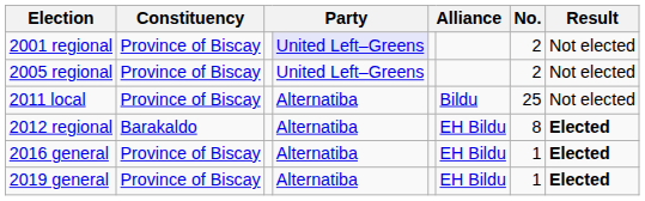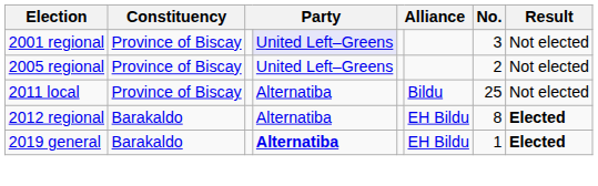 <table class="wikitable" style="text-align:left;">
 <tr>
 <th scope=col>Election</th>
 <th scope=col>Constituency</th>
 <th scope=col colspan="2">Party</th>
 <th scope=col colspan="2">Alliance</th>
 <th scope=col>No.</th>
 <th scope=col>Result</th>
 </tr>
 <tr>
 <td><a href='#'>2001 regional</a></td>
 <td><a href='#'>Province of Biscay</a></td>
 <td style="background:"></td>
 <td style="background: lavender;"><a href='#'>United Left–Greens</a></td>
 <td></td>
 <td></td>
-<td align=right>2</td>
+<td align=right>3</td>
 <td>Not elected</td>
 </tr>
 <tr>
 <td><a href='#'>2005 regional</a></td>
 <td><a href='#'>Province of Biscay</a></td>
 <td style="background:"></td>
 <td><a href='#'>United Left–Greens</a></td>
 <td></td>
 <td></td>
 <td align=right>2</td>
 <td>Not elected</td>
 </tr>
 <tr>
 <td><a href='#'>2011 local</a></td>
 <td><a href='#'>Province of Biscay</a></td>
 <td style="background:"></td>
 <td><a href='#'>Alternatiba</a></td>
 <td style="background:"></td>
 <td><a href='#'>Bildu</a></td>
 <td align=right>25</td>
 <td>Not elected</td>
 </tr>
 <tr>
 <td><a href='#'>2012 regional</a></td>
 <td><a href='#'>Barakaldo</a></td>
 <td style="background:"></td>
 <td><a href='#'>Alternatiba</a></td>
 <td style="background:"></td>
 <td><a href='#'>EH Bildu</a></td>
 <td align=right>8</td>
 <td><strong>Elected</strong></td>
 </tr>
 <tr>
-<td><a href='#'>2016 general</a></td>
-<td><a href='#'>Province of Biscay</a></td>
+<td><a href='#'>2019 general</a></td>
+<td><a href='#'>Barakaldo</a></td>
 <td style="background:"></td>
-<td><a href='#'>Alternatiba</a></td>
-<td style="background:"></td>
-<td><a href='#'>EH Bildu</a></td>
-<td align=right>1</td>
-<td><strong>Elected</strong></td>
-</tr>
-<tr>
-<td><a href='#'>2019 general</a></td>
-<td><a href='#'>Province of Biscay</a></td>
-<td style="background:"></td>
-<td><a href='#'>Alternatiba</a></td>
+<td><strong><a href='#'>Alternatiba</a></strong></td>
 <td style="background:"></td>
 <td><a href='#'>EH Bildu</a></td>
 <td align=right>1</td>
 <td><strong>Elected</strong></td>
 </tr>
 </table>
